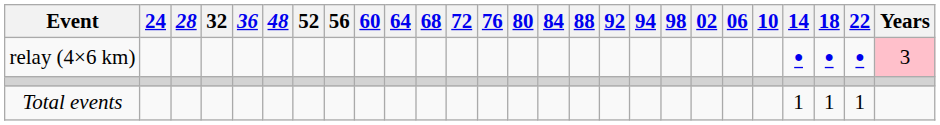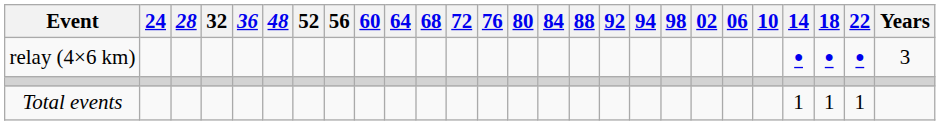 <table class="wikitable" style="text-align:center">
 <tr>
 <th>Event</th>
 <th><a href='#'>24</a></th>
 <th><em><a href='#'>28</a></em></th>
 <th>32</th>
 <th><em><a href='#'>36</a></em></th>
 <th><em><a href='#'>48</a></em></th>
 <th>52</th>
 <th>56</th>
 <th><a href='#'>60</a></th>
 <th><a href='#'>64</a></th>
 <th><a href='#'>68</a></th>
 <th><a href='#'>72</a></th>
 <th><a href='#'>76</a></th>
 <th><a href='#'>80</a></th>
 <th><a href='#'>84</a></th>
 <th><a href='#'>88</a></th>
 <th><a href='#'>92</a></th>
 <th><a href='#'>94</a></th>
 <th><a href='#'>98</a></th>
 <th><a href='#'>02</a></th>
 <th><a href='#'>06</a></th>
 <th><a href='#'>10</a></th>
 <th><a href='#'>14</a></th>
 <th><a href='#'>18</a></th>
 <th><a href='#'>22</a></th>
 <th>Years</th>
 </tr>
 <tr>
 <td align=left>relay (4×6 km) </td>
 <td></td>
 <td></td>
 <td></td>
 <td></td>
 <td></td>
 <td></td>
 <td></td>
 <td></td>
 <td></td>
 <td></td>
 <td></td>
 <td></td>
 <td></td>
 <td></td>
 <td></td>
 <td></td>
 <td></td>
 <td></td>
 <td></td>
 <td></td>
 <td></td>
 <td><big><strong><a href='#'>•</a></strong></big></td>
 <td><big><strong><a href='#'>•</a></strong></big></td>
 <td><big><strong><a href='#'>•</a></strong></big></td>
-<td style="background: pink;">3</td>
+<td>3</td>
 </tr>
 <tr bgcolor=lightgray>
 <td></td>
 <td></td>
 <td></td>
 <td></td>
 <td></td>
 <td></td>
 <td></td>
 <td></td>
 <td></td>
 <td></td>
 <td></td>
 <td></td>
 <td></td>
 <td></td>
 <td></td>
 <td></td>
 <td></td>
 <td></td>
 <td></td>
 <td></td>
 <td></td>
 <td></td>
 <td></td>
 <td></td>
 <td></td>
 <td></td>
 </tr>
 <tr align=center>
 <td><em>Total events</em></td>
 <td></td>
 <td></td>
 <td></td>
 <td></td>
 <td></td>
 <td></td>
 <td></td>
 <td></td>
 <td></td>
 <td></td>
 <td></td>
 <td></td>
 <td></td>
 <td></td>
 <td></td>
 <td></td>
 <td></td>
 <td></td>
 <td></td>
 <td></td>
 <td></td>
 <td>1</td>
 <td>1</td>
 <td>1</td>
 </tr>
 </table>
